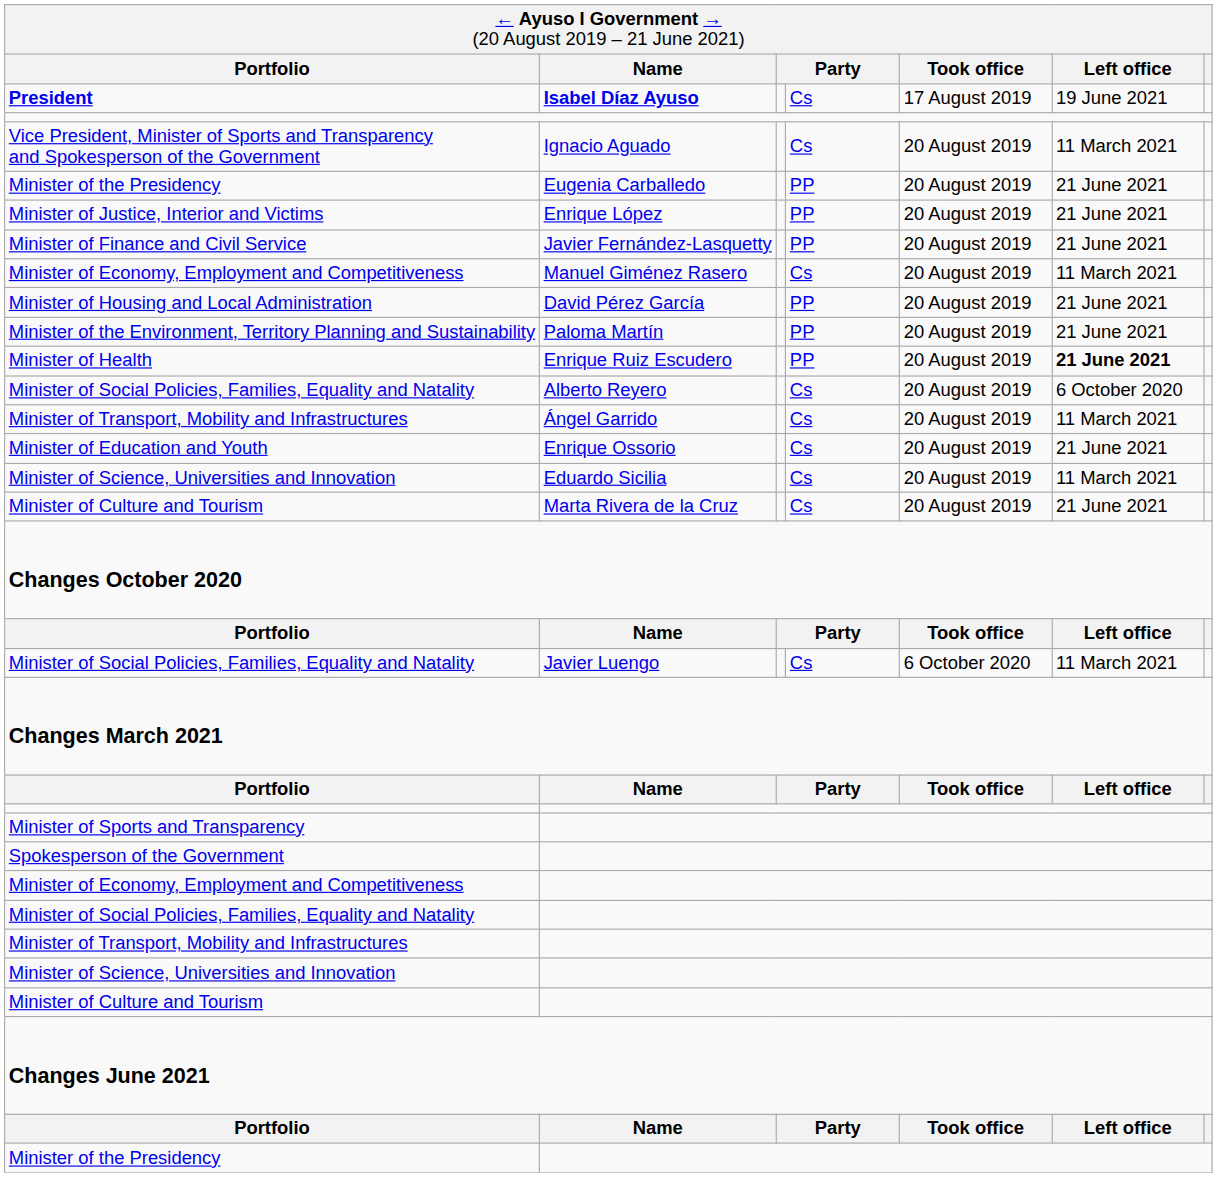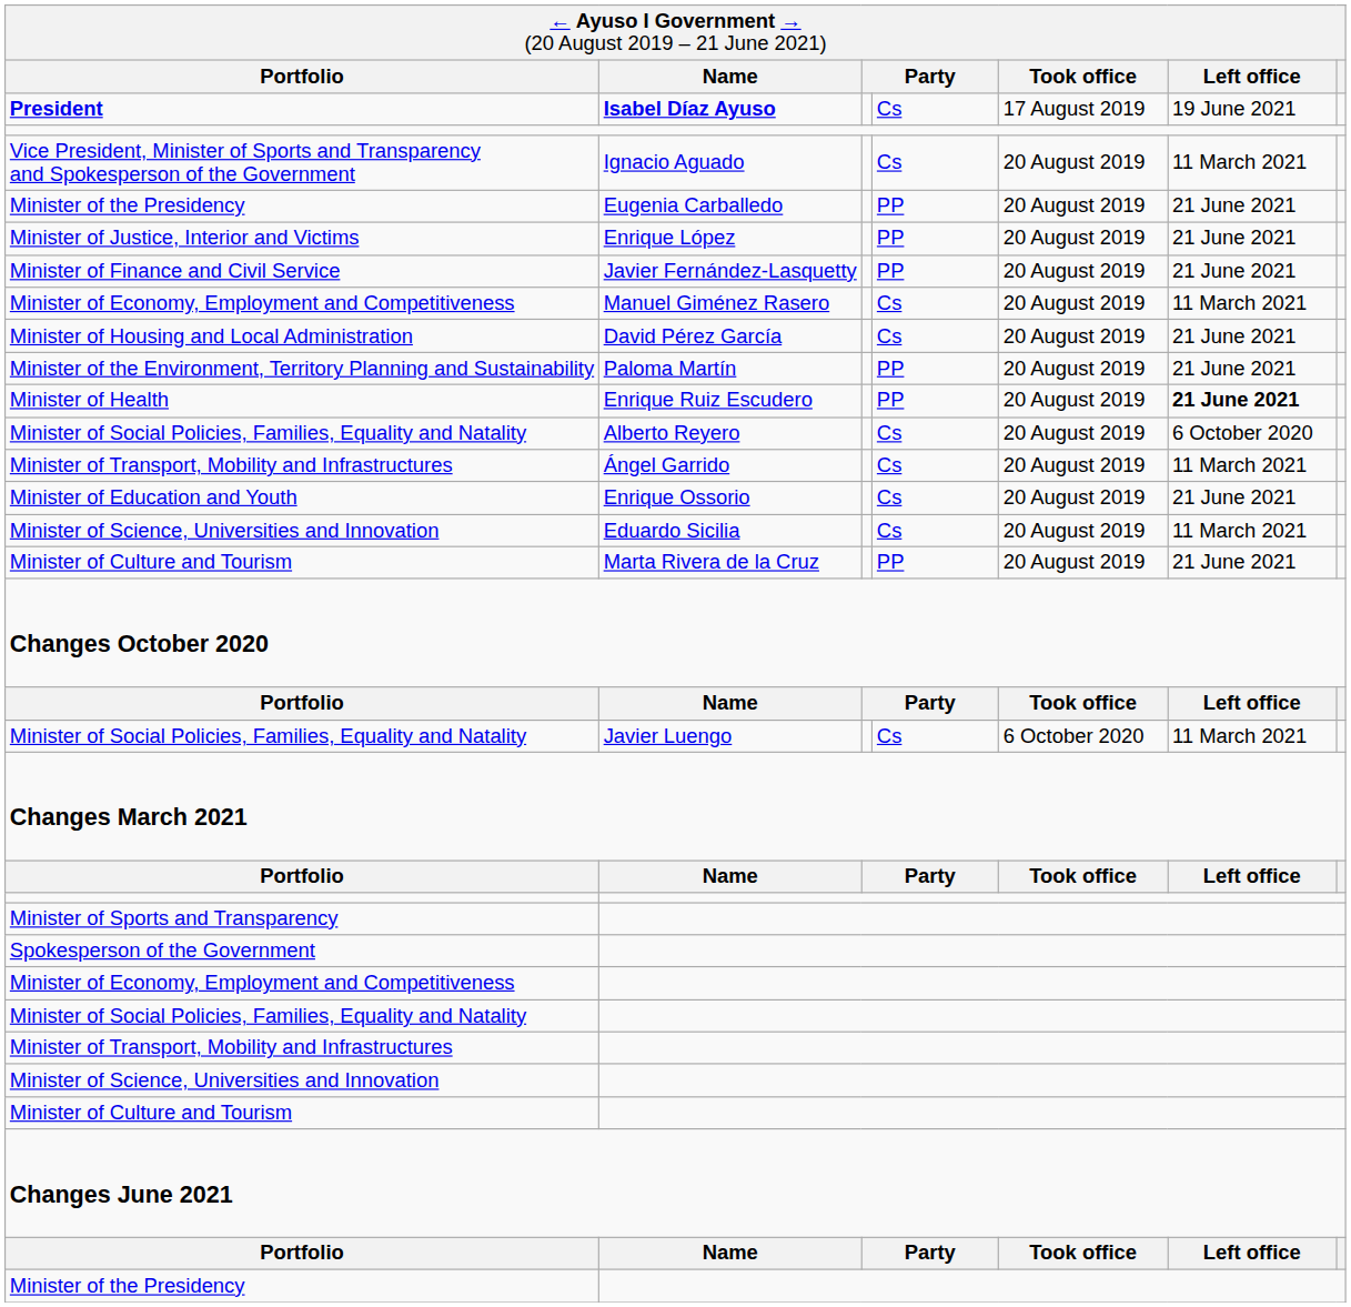 <table class="wikitable">
 <tr>
 <td colspan="7" bgcolor="#F2F2F2" align="center"><a href='#'>←</a> <strong>Ayuso I Government</strong> <a href='#'>→</a><br>(20 August 2019 – 21 June 2021)</td>
 </tr>
 <tr>
 <th>Portfolio</th>
 <th>Name</th>
 <th width="100px" colspan="2">Party</th>
 <th width="125px">Took office</th>
 <th width="125px">Left office</th>
 <th></th>
 </tr>
 <tr>
 <td><strong><a href='#'>President</a></strong></td>
 <td><strong><a href='#'>Isabel Díaz Ayuso</a></strong></td>
 <td width="1" style="background-color:"></td>
 <td><a href='#'>Cs</a></td>
 <td>17 August 2019</td>
 <td>19 June 2021</td>
 <td align="center"></td>
 </tr>
 <tr>
 <td colspan="7"></td>
 </tr>
 <tr>
 <td><a href='#'>Vice President, Minister of Sports and Transparency<br>and Spokesperson of the Government</a></td>
 <td><a href='#'>Ignacio Aguado</a></td>
 <td style="background-color:"></td>
 <td><a href='#'>Cs</a></td>
 <td>20 August 2019</td>
 <td>11 March 2021</td>
 <td align="center"></td>
 </tr>
 <tr>
 <td><a href='#'>Minister of the Presidency</a></td>
 <td><a href='#'>Eugenia Carballedo</a></td>
 <td style="background-color:"></td>
 <td><a href='#'>PP</a></td>
 <td>20 August 2019</td>
 <td>21 June 2021</td>
 <td align="center"></td>
 </tr>
 <tr>
 <td><a href='#'>Minister of Justice, Interior and Victims</a></td>
 <td><a href='#'>Enrique López</a></td>
 <td style="background-color:"></td>
 <td><a href='#'>PP</a> </td>
 <td>20 August 2019</td>
 <td>21 June 2021</td>
 <td align="center"></td>
 </tr>
 <tr>
 <td><a href='#'>Minister of Finance and Civil Service</a></td>
 <td><a href='#'>Javier Fernández-Lasquetty</a></td>
 <td style="background-color:"></td>
 <td><a href='#'>PP</a></td>
 <td>20 August 2019</td>
 <td>21 June 2021</td>
 <td align="center"></td>
 </tr>
 <tr>
 <td><a href='#'>Minister of Economy, Employment and Competitiveness</a></td>
 <td><a href='#'>Manuel Giménez Rasero</a></td>
 <td style="background-color:"></td>
 <td><a href='#'>Cs</a> </td>
 <td>20 August 2019</td>
 <td>11 March 2021</td>
 <td align="center"></td>
 </tr>
 <tr>
 <td><a href='#'>Minister of Housing and Local Administration</a></td>
 <td><a href='#'>David Pérez García</a></td>
 <td style="background-color:"></td>
-<td><a href='#'>PP</a></td>
+<td><a href='#'>Cs</a></td>
 <td>20 August 2019</td>
 <td>21 June 2021</td>
 <td align="center"></td>
 </tr>
 <tr>
 <td><a href='#'>Minister of the Environment, Territory Planning and Sustainability</a></td>
 <td><a href='#'>Paloma Martín</a></td>
 <td style="background-color:"></td>
 <td><a href='#'>PP</a></td>
 <td>20 August 2019</td>
 <td>21 June 2021</td>
 <td align="center"></td>
 </tr>
 <tr>
 <td><a href='#'>Minister of Health</a></td>
 <td><a href='#'>Enrique Ruiz Escudero</a></td>
 <td style="background-color:"></td>
 <td><a href='#'>PP</a></td>
 <td>20 August 2019</td>
 <td><strong>21 June 2021</strong></td>
 <td align="center"></td>
 </tr>
 <tr>
 <td><a href='#'>Minister of Social Policies, Families, Equality and Natality</a></td>
 <td><a href='#'>Alberto Reyero</a></td>
 <td style="background-color:"></td>
 <td><a href='#'>Cs</a></td>
 <td>20 August 2019</td>
 <td>6 October 2020</td>
 <td align="center"></td>
 </tr>
 <tr>
 <td><a href='#'>Minister of Transport, Mobility and Infrastructures</a></td>
 <td><a href='#'>Ángel Garrido</a></td>
 <td style="background-color:"></td>
 <td><a href='#'>Cs</a></td>
 <td>20 August 2019</td>
 <td>11 March 2021</td>
 <td align="center"></td>
 </tr>
 <tr>
 <td><a href='#'>Minister of Education and Youth</a></td>
 <td><a href='#'>Enrique Ossorio</a></td>
 <td style="background-color:"></td>
 <td><a href='#'>Cs</a></td>
 <td>20 August 2019</td>
 <td>21 June 2021</td>
 <td align="center"></td>
 </tr>
 <tr>
 <td><a href='#'>Minister of Science, Universities and Innovation</a></td>
 <td><a href='#'>Eduardo Sicilia</a></td>
 <td style="background-color:"></td>
 <td><a href='#'>Cs</a> </td>
 <td>20 August 2019</td>
 <td>11 March 2021</td>
 <td align="center"></td>
 </tr>
 <tr>
 <td><a href='#'>Minister of Culture and Tourism</a></td>
 <td><a href='#'>Marta Rivera de la Cruz</a></td>
 <td style="background-color:"></td>
-<td><a href='#'>Cs</a></td>
+<td><a href='#'>PP</a></td>
 <td>20 August 2019</td>
 <td>21 June 2021</td>
 <td align="center"></td>
 </tr>
 <tr>
 <td colspan="7"><br><h3>Changes October 2020</h3></td>
 </tr>
 <tr>
 <th>Portfolio</th>
 <th>Name</th>
 <th colspan="2">Party</th>
 <th>Took office</th>
 <th>Left office</th>
 <th></th>
 </tr>
 <tr>
 <td><a href='#'>Minister of Social Policies, Families, Equality and Natality</a></td>
 <td><a href='#'>Javier Luengo</a></td>
 <td style="background-color:"></td>
 <td><a href='#'>Cs</a></td>
 <td>6 October 2020</td>
 <td>11 March 2021</td>
 <td align="center"></td>
 </tr>
 <tr>
 <td colspan="7"><br><h3>Changes March 2021</h3></td>
 </tr>
 <tr>
 <th>Portfolio</th>
 <th>Name</th>
 <th colspan="2">Party</th>
 <th>Took office</th>
 <th>Left office</th>
 <th></th>
 </tr>
 <tr>
 <td></td>
 <td colspan="6"></td>
 </tr>
 <tr>
 <td><a href='#'>Minister of Sports and Transparency</a></td>
 <td colspan="6"></td>
 </tr>
 <tr>
 <td><a href='#'>Spokesperson of the Government</a></td>
 <td colspan="6"></td>
 </tr>
 <tr>
 <td><a href='#'>Minister of Economy, Employment and Competitiveness</a></td>
 <td colspan="6"></td>
 </tr>
 <tr>
 <td><a href='#'>Minister of Social Policies, Families, Equality and Natality</a></td>
 <td colspan="6"></td>
 </tr>
 <tr>
 <td><a href='#'>Minister of Transport, Mobility and Infrastructures</a></td>
 <td colspan="6"></td>
 </tr>
 <tr>
 <td><a href='#'>Minister of Science, Universities and Innovation</a></td>
 <td colspan="6"></td>
 </tr>
 <tr>
 <td><a href='#'>Minister of Culture and Tourism</a></td>
 <td colspan="6"></td>
 </tr>
 <tr>
 <td colspan="7"><br><h3>Changes June 2021</h3></td>
 </tr>
 <tr>
 <th>Portfolio</th>
 <th>Name</th>
 <th colspan="2">Party</th>
 <th>Took office</th>
 <th>Left office</th>
 <th></th>
 </tr>
 <tr>
 <td><a href='#'>Minister of the Presidency</a></td>
 <td colspan="6"></td>
 </tr>
 </table>
